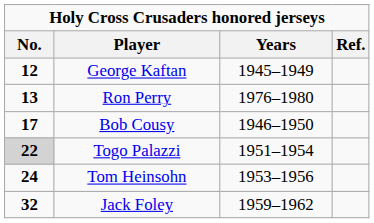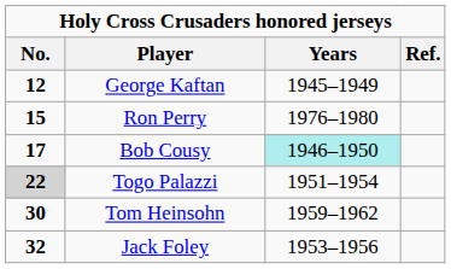 <table class="wikitable sortable" style="text-align:center">
 <tr>
 <td colspan="5"><strong>Holy Cross Crusaders honored jerseys</strong></td>
 </tr>
 <tr>
 <th width=40px>No.</th>
 <th width=150px>Player</th>
 <th width=100px>Years</th>
 <th width=px>Ref.</th>
 </tr>
 <tr>
 <td><strong>12</strong></td>
 <td><a href='#'>George Kaftan</a></td>
 <td>1945–1949</td>
 <td></td>
 </tr>
 <tr>
-<td><strong>13</strong></td>
+<td><strong>15</strong></td>
 <td><a href='#'>Ron Perry</a></td>
 <td>1976–1980</td>
 <td></td>
 </tr>
 <tr>
 <td><strong>17</strong></td>
 <td><a href='#'>Bob Cousy</a></td>
-<td>1946–1950</td>
+<td style="background: paleturquoise;">1946–1950</td>
 <td></td>
 </tr>
 <tr>
 <td style="background: lightgrey;"><strong>22</strong></td>
 <td><a href='#'>Togo Palazzi</a></td>
 <td>1951–1954</td>
 <td></td>
 </tr>
 <tr>
-<td><strong>24</strong></td>
+<td><strong>30</strong></td>
 <td><a href='#'>Tom Heinsohn</a></td>
-<td>1953–1956</td>
+<td>1959–1962</td>
 <td></td>
 </tr>
 <tr>
 <td><strong>32</strong></td>
 <td><a href='#'>Jack Foley</a></td>
-<td>1959–1962</td>
+<td>1953–1956</td>
 <td></td>
 </tr>
 </table>
